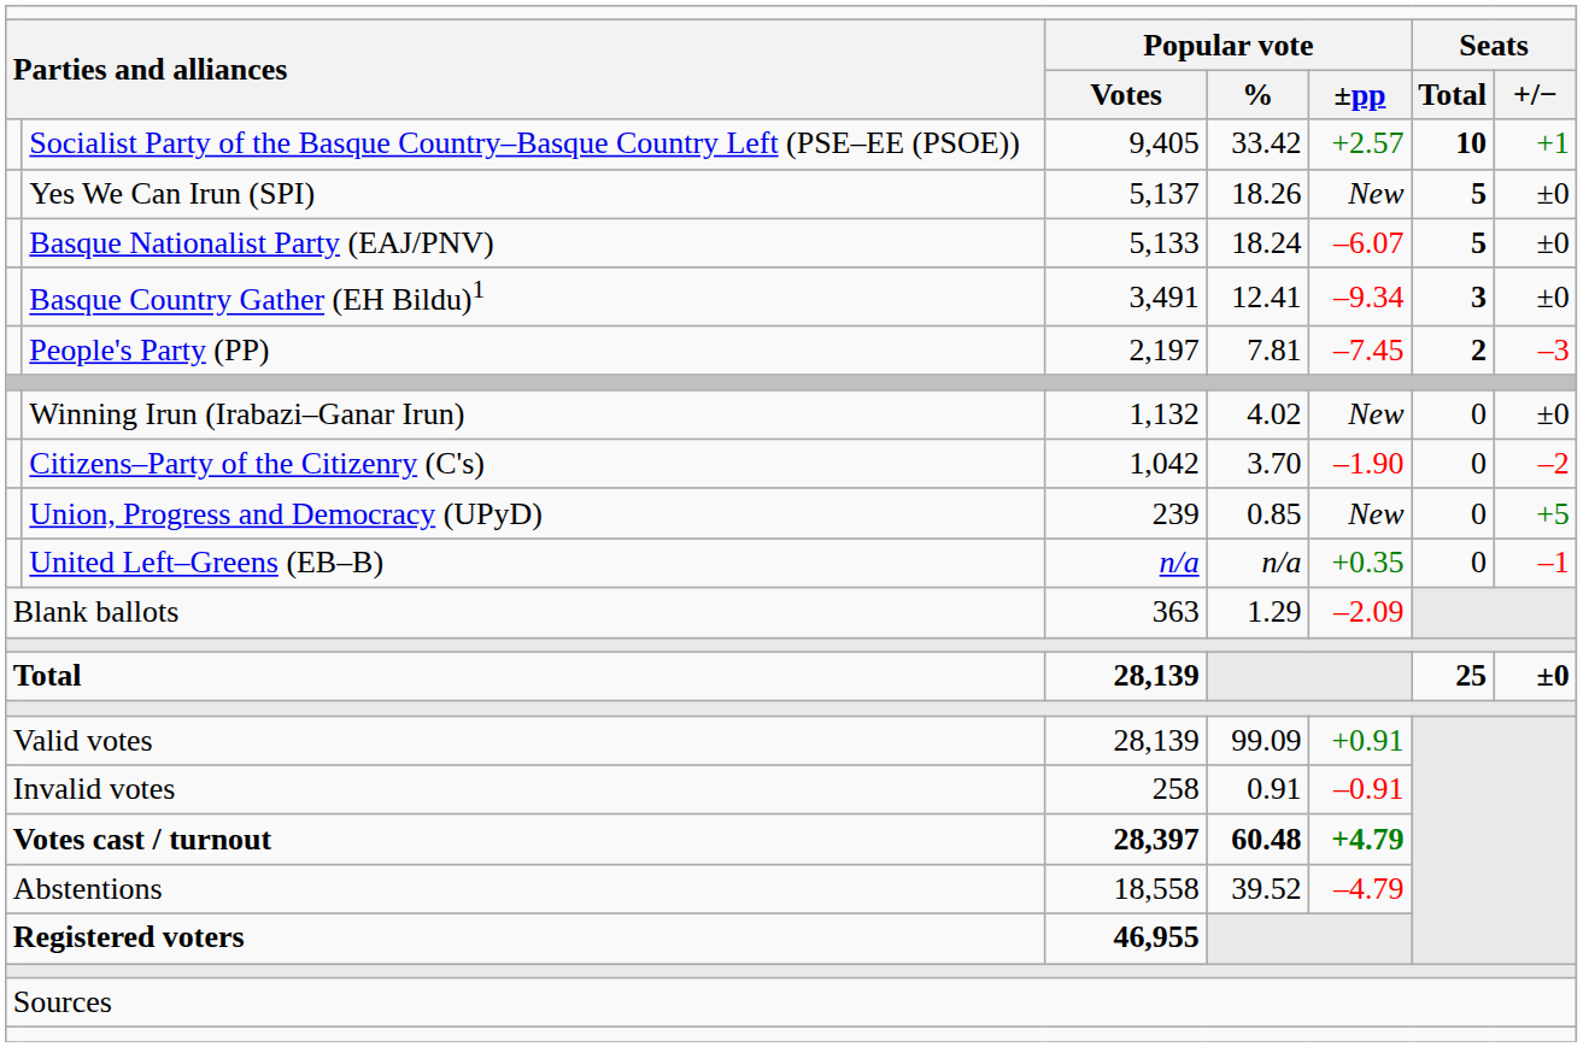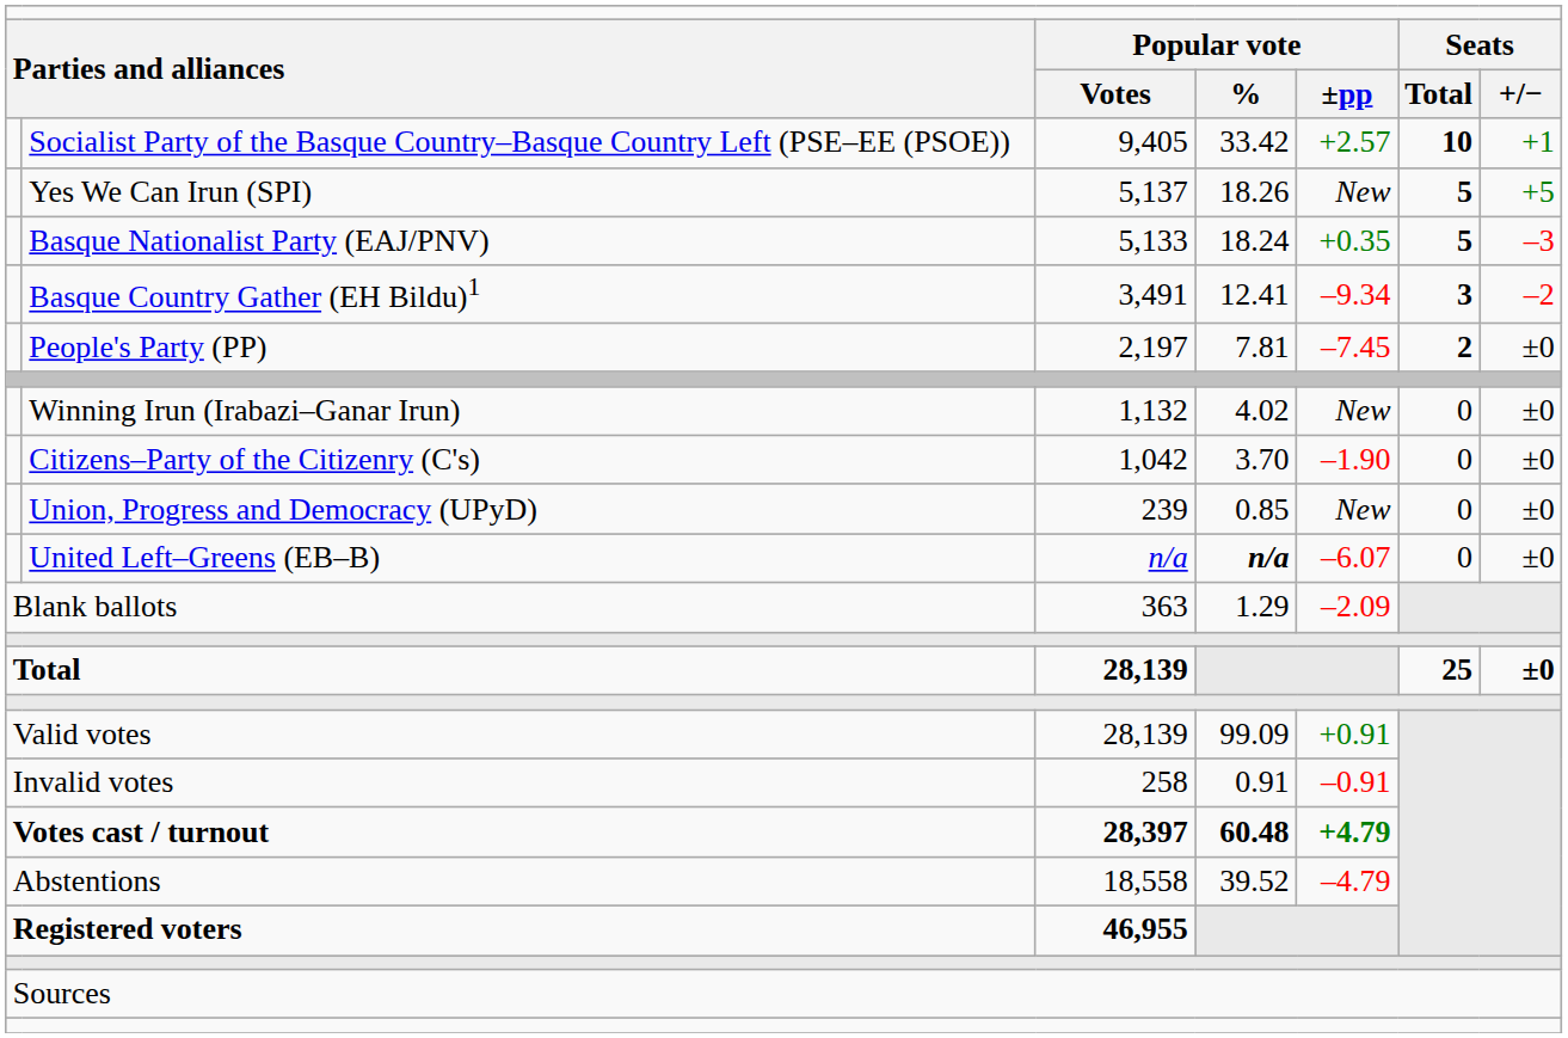 <table class="wikitable" style="text-align:right;">
 <tr>
 <td colspan="7"></td>
 </tr>
 <tr>
 <th style="text-align:left;" rowspan="2" colspan="2" width="525">Parties and alliances</th>
 <th colspan="3">Popular vote</th>
 <th colspan="2">Seats</th>
 </tr>
 <tr>
 <th width="75">Votes</th>
 <th width="45">%</th>
 <th width="45">±<a href='#'>pp</a></th>
 <th width="35">Total</th>
 <th width="35">+/−</th>
 </tr>
 <tr>
 <td width="1" style="color:inherit;background:"></td>
 <td align="left"><a href='#'>Socialist Party of the Basque Country–Basque Country Left</a> (PSE–EE (PSOE))</td>
 <td>9,405</td>
 <td>33.42</td>
 <td style="color:green;">+2.57</td>
 <td><strong>10</strong></td>
 <td style="color:green;">+1</td>
 </tr>
 <tr>
 <td style="color:inherit;background:"></td>
 <td align="left">Yes We Can Irun (SPI)</td>
 <td>5,137</td>
 <td>18.26</td>
 <td><em>New</em></td>
 <td><strong>5</strong></td>
-<td>±0</td>
+<td style="color:green;">+5</td>
 </tr>
 <tr>
 <td style="color:inherit;background:"></td>
 <td align="left"><a href='#'>Basque Nationalist Party</a> (EAJ/PNV)</td>
 <td>5,133</td>
 <td>18.24</td>
-<td style="color:red;">–6.07</td>
+<td style="color:green;">+0.35</td>
 <td><strong>5</strong></td>
-<td>±0</td>
+<td style="color:red;">–3</td>
 </tr>
 <tr>
 <td style="color:inherit;background:"></td>
 <td align="left"><a href='#'>Basque Country Gather</a> (EH Bildu)<sup>1</sup></td>
 <td>3,491</td>
 <td>12.41</td>
 <td style="color:red;">–9.34</td>
 <td><strong>3</strong></td>
-<td>±0</td>
+<td style="color:red;">–2</td>
 </tr>
 <tr>
 <td style="color:inherit;background:"></td>
 <td align="left"><a href='#'>People's Party</a> (PP)</td>
 <td>2,197</td>
 <td>7.81</td>
 <td style="color:red;">–7.45</td>
 <td><strong>2</strong></td>
-<td style="color:red;">–3</td>
+<td>±0</td>
 </tr>
 <tr>
 <td colspan="7" bgcolor="#C0C0C0"></td>
 </tr>
 <tr>
 <td style="color:inherit;background:"></td>
 <td align="left">Winning Irun (Irabazi–Ganar Irun)</td>
 <td>1,132</td>
 <td>4.02</td>
 <td><em>New</em></td>
 <td>0</td>
 <td>±0</td>
 </tr>
 <tr>
 <td style="color:inherit;background:"></td>
 <td align="left"><a href='#'>Citizens–Party of the Citizenry</a> (C's)</td>
 <td>1,042</td>
 <td>3.70</td>
 <td style="color:red;">–1.90</td>
 <td>0</td>
-<td style="color:red;">–2</td>
+<td>±0</td>
 </tr>
 <tr>
 <td style="color:inherit;background:"></td>
 <td align="left"><a href='#'>Union, Progress and Democracy</a> (UPyD)</td>
 <td>239</td>
 <td>0.85</td>
 <td><em>New</em></td>
 <td>0</td>
-<td style="color:green;">+5</td>
+<td>±0</td>
 </tr>
 <tr>
 <td style="color:inherit;background:"></td>
 <td align="left"><a href='#'>United Left–Greens</a> (EB–B)</td>
 <td><em><a href='#'>n/a</a></em></td>
-<td><em>n/a</em></td>
-<td style="color:green;">+0.35</td>
+<td><strong><em>n/a</em></strong></td>
+<td style="color:red;">–6.07</td>
 <td>0</td>
-<td style="color:red;">–1</td>
+<td>±0</td>
 </tr>
 <tr>
 <td align="left" colspan="2">Blank ballots</td>
 <td>363</td>
 <td>1.29</td>
 <td style="color:red;">–2.09</td>
 <td bgcolor="#E9E9E9" colspan="2"></td>
 </tr>
 <tr>
 <td colspan="7" bgcolor="#E9E9E9"></td>
 </tr>
 <tr style="font-weight:bold;">
 <td align="left" colspan="2">Total</td>
 <td>28,139</td>
 <td bgcolor="#E9E9E9" colspan="2"></td>
 <td>25</td>
 <td>±0</td>
 </tr>
 <tr>
 <td colspan="7" bgcolor="#E9E9E9"></td>
 </tr>
 <tr>
 <td align="left" colspan="2">Valid votes</td>
 <td>28,139</td>
 <td>99.09</td>
 <td style="color:green;">+0.91</td>
 <td bgcolor="#E9E9E9" colspan="2" rowspan="5"></td>
 </tr>
 <tr>
 <td align="left" colspan="2">Invalid votes</td>
 <td>258</td>
 <td>0.91</td>
 <td style="color:red;">–0.91</td>
 </tr>
 <tr style="font-weight:bold;">
 <td align="left" colspan="2">Votes cast / turnout</td>
 <td>28,397</td>
 <td>60.48</td>
 <td style="color:green;">+4.79</td>
 </tr>
 <tr>
 <td align="left" colspan="2">Abstentions</td>
 <td>18,558</td>
 <td>39.52</td>
 <td style="color:red;">–4.79</td>
 </tr>
 <tr style="font-weight:bold;">
 <td align="left" colspan="2">Registered voters</td>
 <td>46,955</td>
 <td bgcolor="#E9E9E9" colspan="2"></td>
 </tr>
 <tr>
 <td colspan="7" bgcolor="#E9E9E9"></td>
 </tr>
 <tr>
 <td align="left" colspan="7">Sources</td>
 </tr>
 <tr>
 <td colspan="7" style="text-align:left; max-width:790px;"></td>
 </tr>
 </table>
